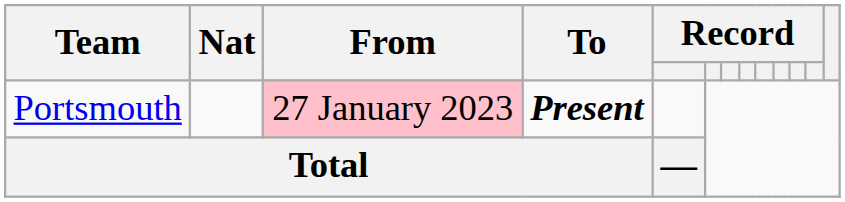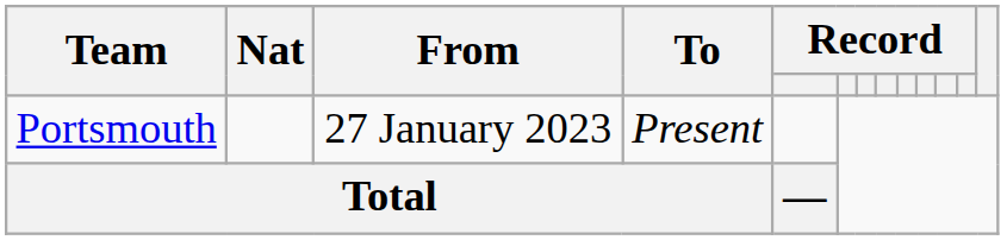 <table class="wikitable" style="text-align: center">
 <tr>
 <th rowspan="2">Team</th>
 <th rowspan="2">Nat</th>
 <th rowspan="2">From</th>
 <th rowspan="2">To</th>
 <th colspan="8">Record</th>
 <th rowspan=2></th>
 </tr>
 <tr>
 <th></th>
 <th></th>
 <th></th>
 <th></th>
 <th></th>
 <th></th>
 <th></th>
 <th></th>
 </tr>
 <tr>
 <td align=left><a href='#'>Portsmouth</a></td>
 <td></td>
-<td align=left style="background: pink;">27 January 2023</td>
-<td align=left><strong><em>Present</em><br></strong></td>
+<td align=left>27 January 2023</td>
+<td align=left><em>Present</em><br></td>
 <td></td>
 </tr>
 <tr>
 <th colspan="4">Total<br></th>
 <th>—</th>
 </tr>
 </table>
